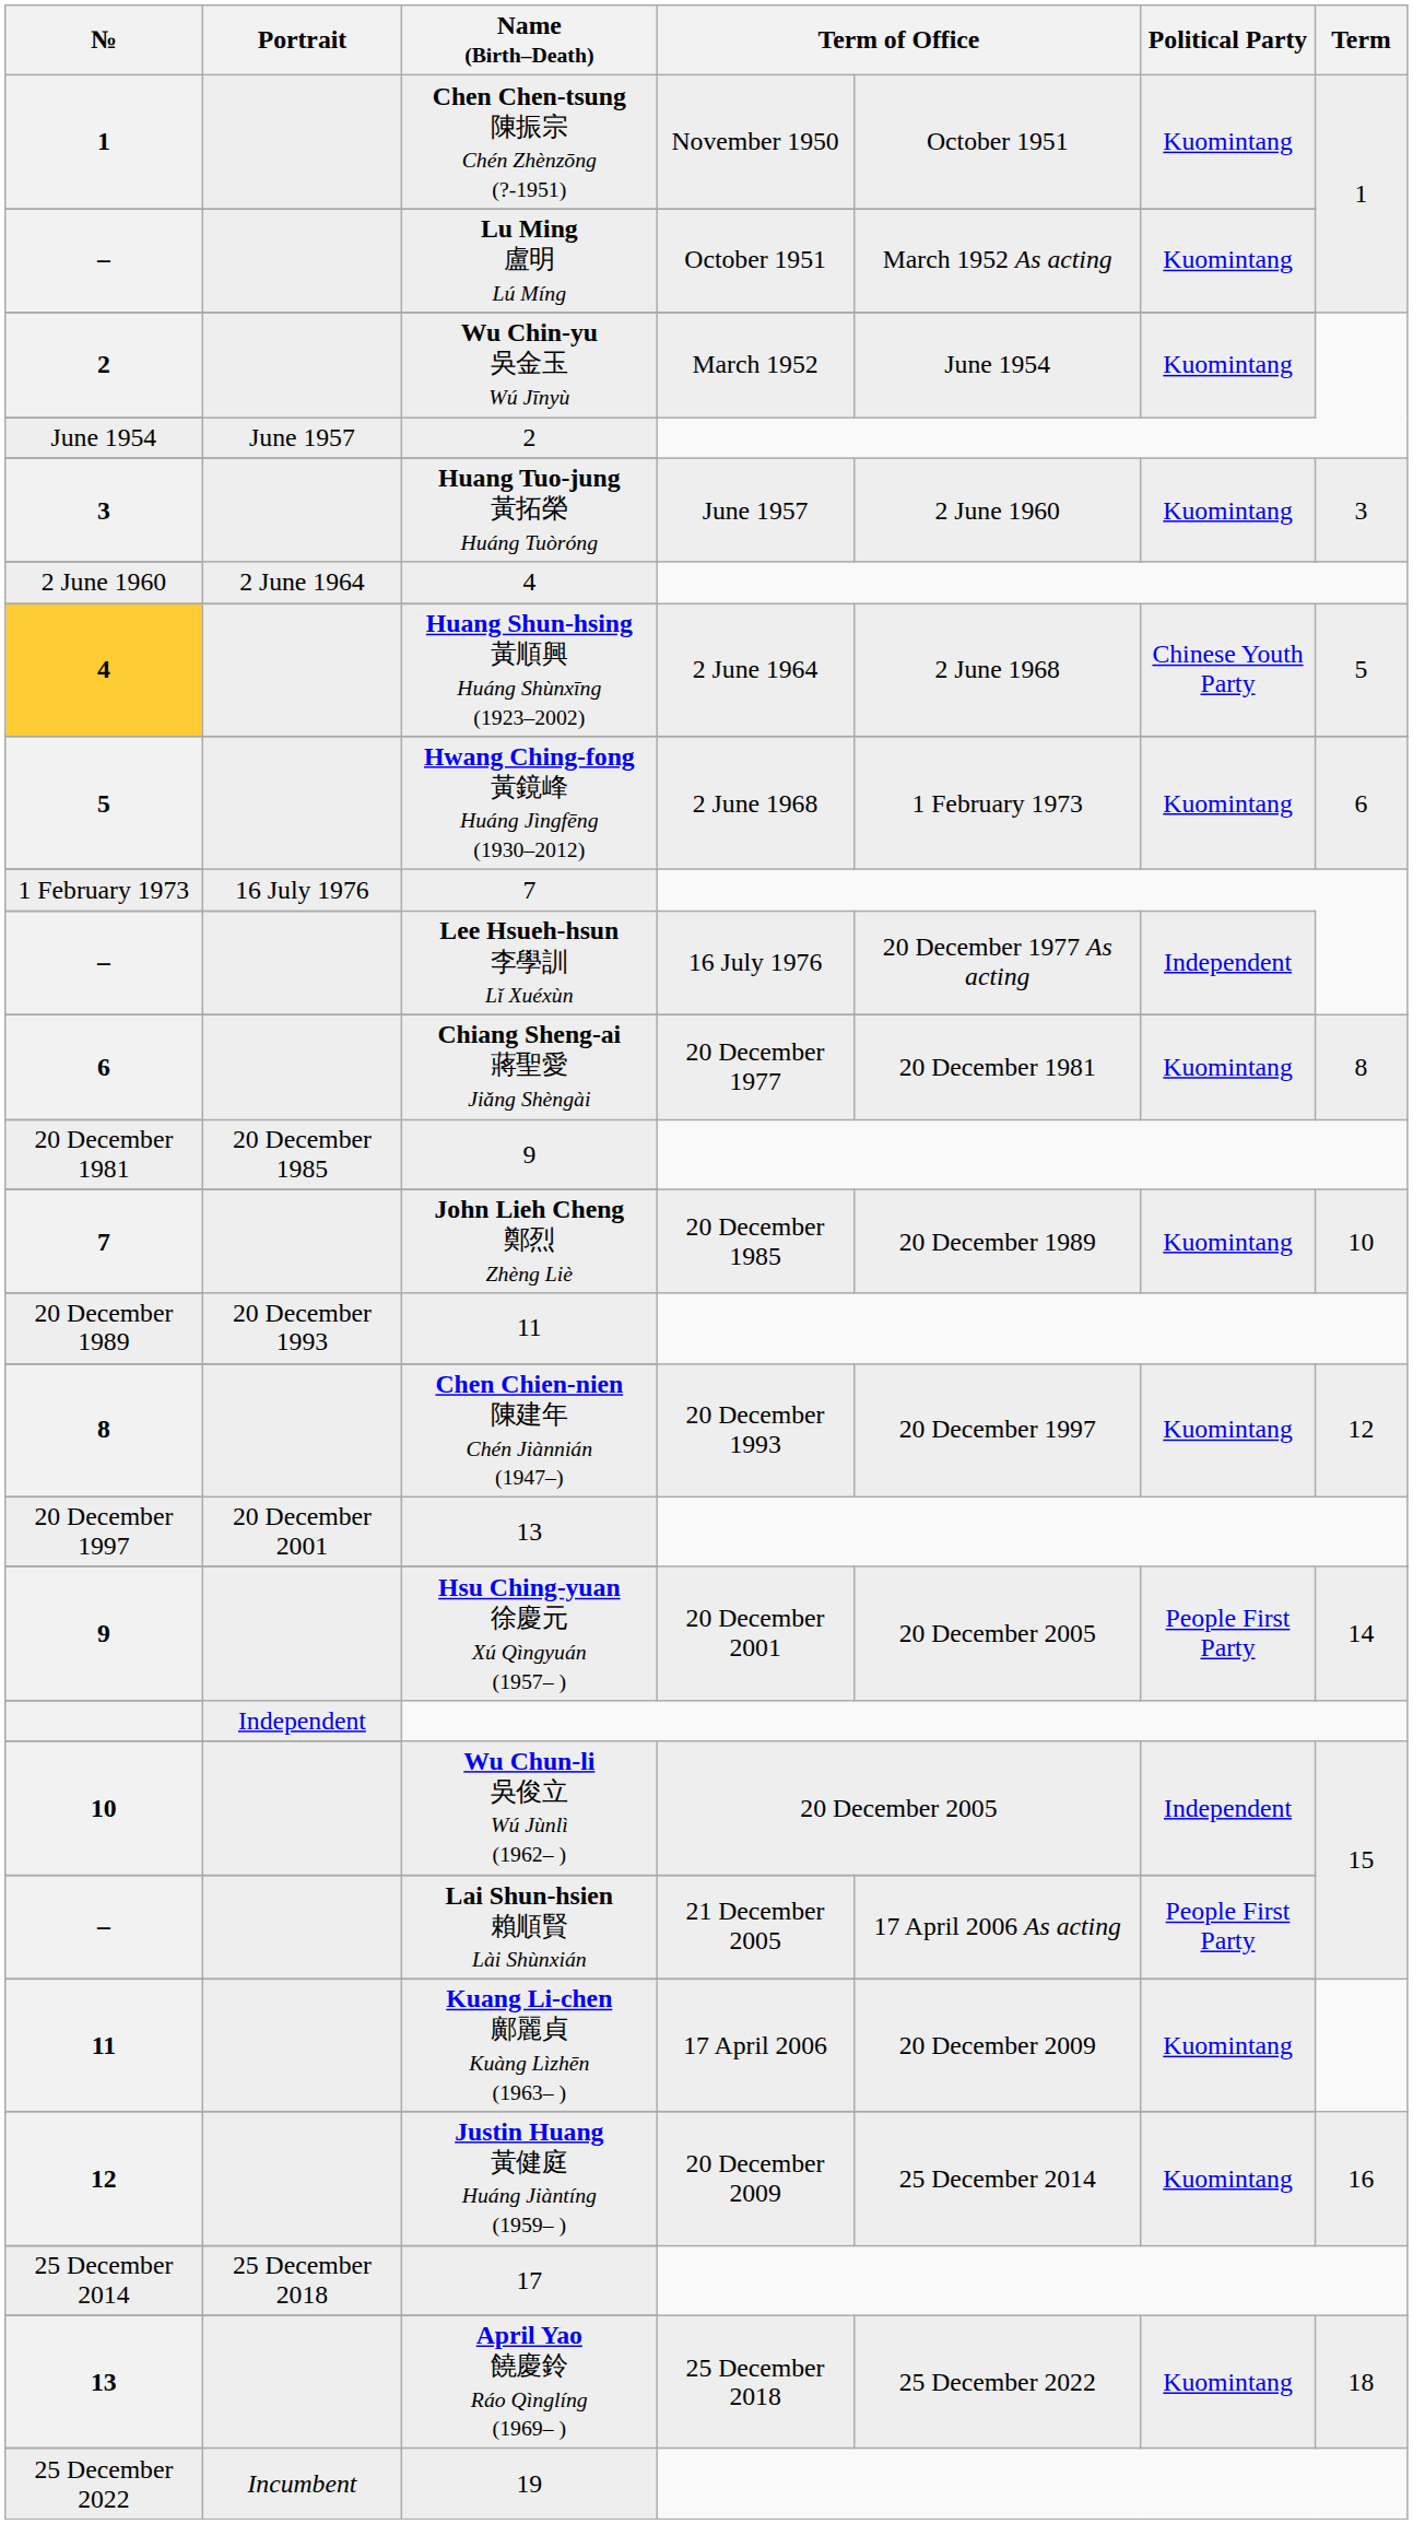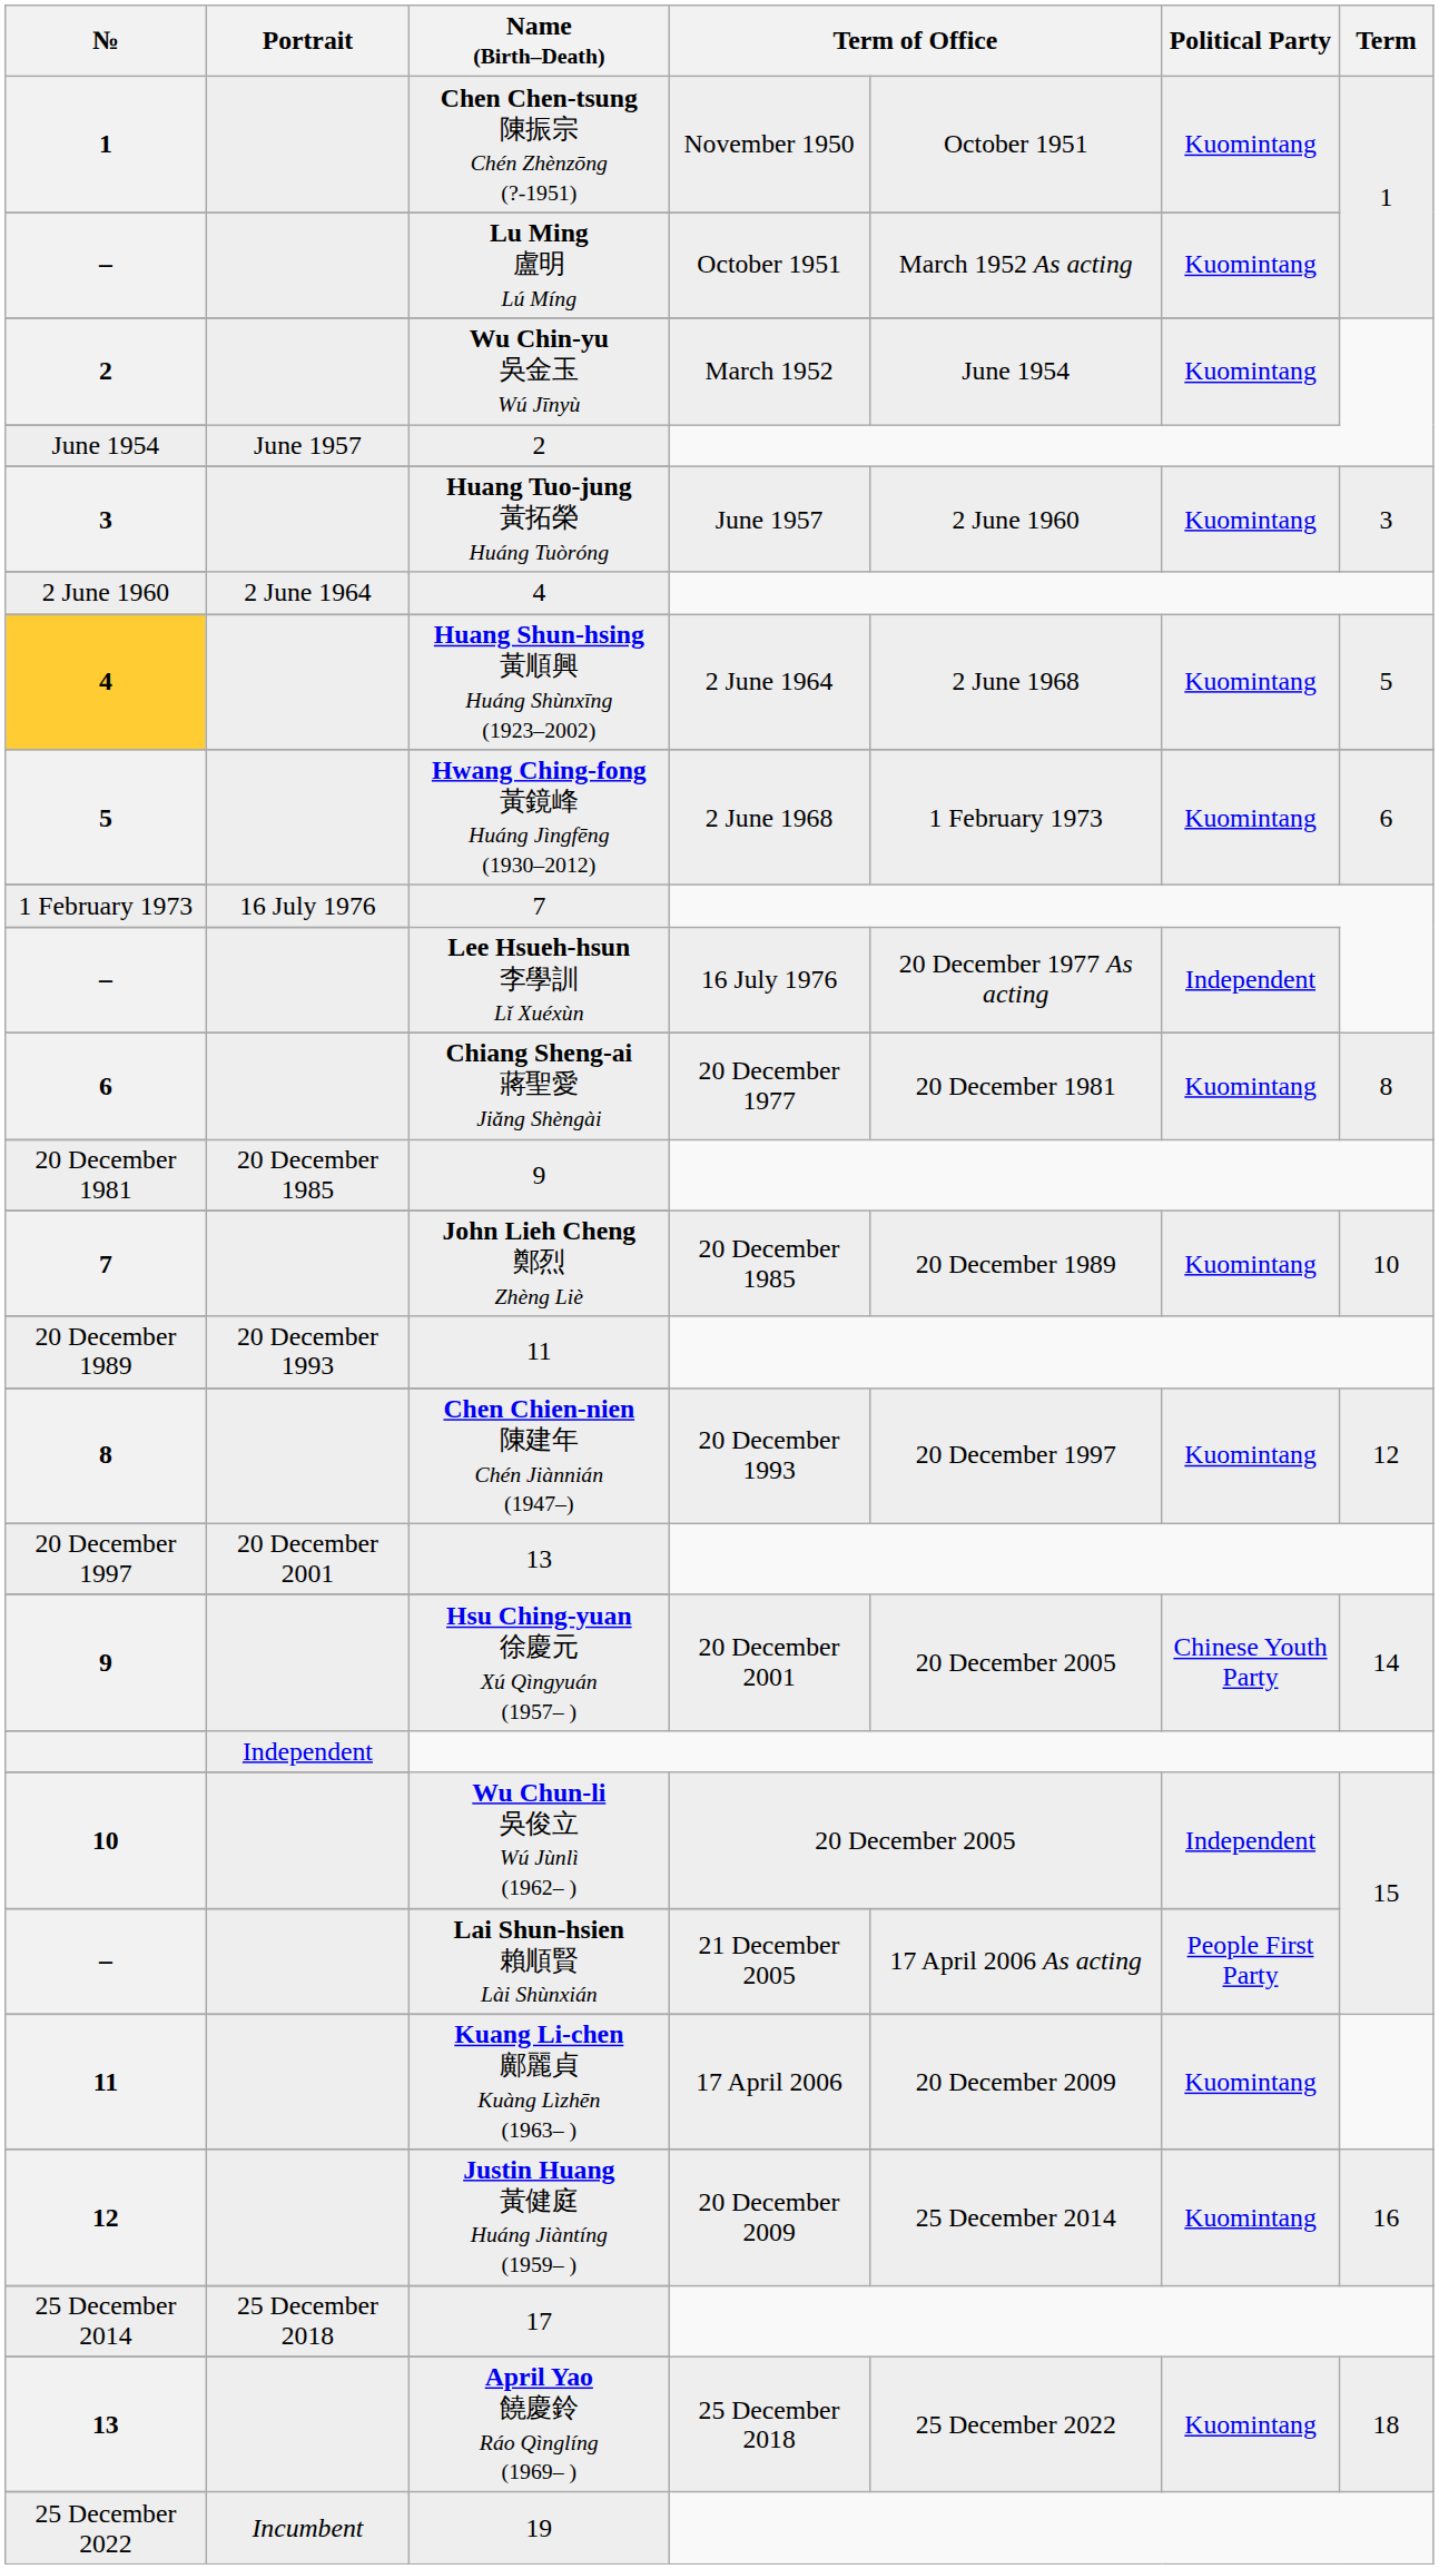 <table class="wikitable" style="text-align:center">
 <tr ->
 <th>№</th>
 <th>Portrait</th>
 <th width="150">Name<br><small>(Birth–Death)</small></th>
 <th colspan=2 width="300">Term of Office</th>
 <th width = "100">Political Party</th>
 <th width="50">Term</th>
 </tr>
 <tr - bgcolor=#EEEEEE>
 <th style="background:">1</th>
 <td></td>
 <td><strong>Chen Chen-tsung</strong><br><span>陳振宗 </span><br><small><em>Chén Zhènzōng  </em><br> (?-1951) </small></td>
 <td>November 1950</td>
 <td>October 1951</td>
 <td><a href='#'>Kuomintang</a></td>
 <td rowspan=3>1</td>
 </tr>
 <tr ->
 </tr>
 <tr - bgcolor=#EEEEEE>
 <th style="background:">–</th>
 <td></td>
 <td><strong>Lu Ming</strong><br><span> 盧明</span><br><small><em>Lú Míng  </em><br> </small></td>
 <td>October 1951</td>
 <td>March 1952 <em>As acting</em></td>
 <td><a href='#'>Kuomintang</a></td>
 </tr>
 <tr ->
 </tr>
 <tr - bgcolor=#EEEEEE>
 <th style="background:">2</th>
 <td rowspan=2></td>
 <td rowspan=2><strong>Wu Chin-yu</strong><br><span>吳金玉 </span><br><small><em>Wú Jīnyù  </em><br> </small></td>
 <td>March 1952</td>
 <td>June 1954</td>
 <td rowspan=2><a href='#'>Kuomintang</a></td>
 </tr>
 <tr ->
 </tr>
 <tr - bgcolor=#EEEEEE>
 <td>June 1954</td>
 <td>June 1957</td>
 <td>2</td>
 </tr>
 <tr ->
 </tr>
 <tr - bgcolor=#EEEEEE>
 <th style="background:">3</th>
 <td rowspan=2></td>
 <td rowspan=2><strong>Huang Tuo-jung</strong><br><span>黃拓榮 </span><br><small><em> Huáng Tuòróng </em><br> </small></td>
 <td>June 1957</td>
 <td>2 June 1960</td>
 <td rowspan=2><a href='#'>Kuomintang</a></td>
 <td>3</td>
 </tr>
 <tr ->
 </tr>
 <tr - bgcolor=#EEEEEE>
 <td>2 June 1960</td>
 <td>2 June 1964</td>
 <td>4</td>
 </tr>
 <tr ->
 </tr>
 <tr - bgcolor=#EEEEEE>
 <th style="background:#FFCC33; color:black;">4</th>
 <td></td>
 <td><strong><a href='#'>Huang Shun-hsing</a></strong><br><span>黃順興 </span><br><small><em> Huáng Shùnxīng </em><br>(1923–2002) </small></td>
 <td>2 June 1964</td>
 <td>2 June 1968</td>
-<td><a href='#'>Chinese Youth Party</a></td>
+<td><a href='#'>Kuomintang</a></td>
 <td>5</td>
 </tr>
 <tr ->
 </tr>
 <tr - bgcolor=#EEEEEE>
 <th style="background:">5</th>
 <td rowspan=2></td>
 <td rowspan=2><strong><a href='#'>Hwang Ching-fong</a></strong><br><span>黃鏡峰 </span><br><small><em> Huáng Jìngfēng </em><br>(1930–2012) </small></td>
 <td>2 June 1968</td>
 <td>1 February 1973</td>
 <td rowspan=2><a href='#'>Kuomintang</a></td>
 <td>6</td>
 </tr>
 <tr ->
 </tr>
 <tr - bgcolor=#EEEEEE>
 <td>1 February 1973</td>
 <td>16 July 1976</td>
 <td rowspan=2>7</td>
 </tr>
 <tr ->
 </tr>
 <tr - bgcolor=#EEEEEE>
 <th style="background:">–</th>
 <td></td>
 <td><strong>Lee Hsueh-hsun</strong><br><span>李學訓 </span><br><small><em> Lǐ Xuéxùn </em><br> </small></td>
 <td>16 July 1976</td>
 <td>20 December 1977 <em>As acting</em></td>
 <td><a href='#'>Independent</a></td>
 </tr>
 <tr ->
 </tr>
 <tr - bgcolor=#EEEEEE>
 <th style="background:">6</th>
 <td rowspan=2></td>
 <td rowspan=2><strong>Chiang Sheng-ai</strong><br><span>蔣聖愛 </span><br><small><em> Jiǎng Shèngài </em><br> </small></td>
 <td>20 December 1977</td>
 <td>20 December 1981</td>
 <td rowspan=2><a href='#'>Kuomintang</a></td>
 <td>8</td>
 </tr>
 <tr ->
 </tr>
 <tr - bgcolor=#EEEEEE>
 <td>20 December 1981</td>
 <td>20 December 1985</td>
 <td>9</td>
 </tr>
 <tr ->
 </tr>
 <tr - bgcolor=#EEEEEE>
 <th style="background:">7</th>
 <td rowspan=2></td>
 <td rowspan=2><strong>John Lieh Cheng</strong><br><span>鄭烈 </span><br><small><em> Zhèng Liè </em><br> </small></td>
 <td>20 December 1985</td>
 <td>20 December 1989</td>
 <td rowspan=2><a href='#'>Kuomintang</a></td>
 <td>10</td>
 </tr>
 <tr ->
 </tr>
 <tr - bgcolor=#EEEEEE>
 <td>20 December 1989</td>
 <td>20 December 1993</td>
 <td>11</td>
 </tr>
 <tr ->
 </tr>
 <tr - bgcolor=#EEEEEE>
 <th style="background:">8</th>
 <td rowspan=2></td>
 <td rowspan=2><strong><a href='#'>Chen Chien-nien</a></strong><br><span>陳建年 </span><br><small><em> Chén Jiànnián </em><br> (1947–) </small></td>
 <td>20 December 1993</td>
 <td>20 December 1997</td>
 <td rowspan=2><a href='#'>Kuomintang</a></td>
 <td>12</td>
 </tr>
 <tr ->
 </tr>
 <tr - bgcolor=#EEEEEE>
 <td>20 December 1997</td>
 <td>20 December 2001</td>
 <td>13</td>
 </tr>
 <tr ->
 </tr>
 <tr - bgcolor=#EEEEEE>
 <th style="background:">9</th>
 <td rowspan=2></td>
 <td rowspan=2><strong><a href='#'>Hsu Ching-yuan</a></strong><br><span>徐慶元 </span><br><small><em> Xú Qìngyuán </em><br> (1957– ) </small></td>
 <td rowspan=2>20 December 2001</td>
 <td rowspan=2>20 December 2005</td>
-<td><a href='#'>People First Party</a></td>
+<td><a href='#'>Chinese Youth Party</a></td>
 <td rowspan=2>14</td>
 </tr>
 <tr ->
 </tr>
 <tr - bgcolor=#EEEEEE>
 <th style="background:"></th>
 <td><a href='#'>Independent</a></td>
 </tr>
 <tr ->
 </tr>
 <tr - bgcolor=#EEEEEE>
 <th style="background:">10</th>
 <td></td>
 <td><strong><a href='#'>Wu Chun-li</a></strong><br><span>吳俊立</span><br><small><em> Wú Jùnlì </em><br> (1962– ) </small></td>
 <td colspan=2>20 December 2005</td>
 <td><a href='#'>Independent</a></td>
 <td rowspan=3>15</td>
 </tr>
 <tr ->
 </tr>
 <tr - bgcolor=#EEEEEE>
 <th style="background:">–</th>
 <td></td>
 <td><strong>Lai Shun-hsien</strong><br><span>賴順賢 </span><br><small><em> Lài Shùnxián </em><br> </small></td>
 <td>21 December 2005</td>
 <td>17 April 2006 <em>As acting</em></td>
 <td><a href='#'>People First Party</a></td>
 </tr>
 <tr ->
 </tr>
 <tr - bgcolor=#EEEEEE>
 <th style="background:">11</th>
 <td></td>
 <td><strong><a href='#'>Kuang Li-chen</a></strong><br><span>鄺麗貞 </span><br><small><em> Kuàng Lìzhēn </em><br> (1963– )</small></td>
 <td>17 April 2006</td>
 <td>20 December 2009</td>
 <td><a href='#'>Kuomintang</a></td>
 </tr>
 <tr ->
 </tr>
 <tr - bgcolor=#EEEEEE>
 <th style="background:">12</th>
 <td rowspan=2></td>
 <td rowspan=2><strong><a href='#'>Justin Huang</a></strong><br><span>黃健庭 </span><br><small><em> Huáng Jiàntíng </em><br> (1959– ) </small></td>
 <td>20 December 2009</td>
 <td>25 December 2014</td>
 <td rowspan=2><a href='#'>Kuomintang</a></td>
 <td>16</td>
 </tr>
 <tr>
 </tr>
 <tr ->
 </tr>
 <tr - bgcolor=#EEEEEE>
 <td>25 December 2014</td>
 <td>25 December 2018</td>
 <td>17</td>
 </tr>
 <tr>
 </tr>
 <tr - bgcolor=#EEEEEE>
 <th style="background:">13</th>
 <td rowspan=2></td>
 <td rowspan=2><strong><a href='#'>April Yao</a></strong><br><span>饒慶鈴</span><br><small><em> Ráo Qìnglíng </em><br> (1969– )</small></td>
 <td>25 December 2018</td>
 <td>25 December 2022</td>
 <td rowspan=2><a href='#'>Kuomintang</a></td>
 <td>18</td>
 </tr>
 <tr ->
 </tr>
 <tr - bgcolor=#EEEEEE>
 <td>25 December 2022</td>
 <td><em>Incumbent</em></td>
 <td>19</td>
 </tr>
 </table>
